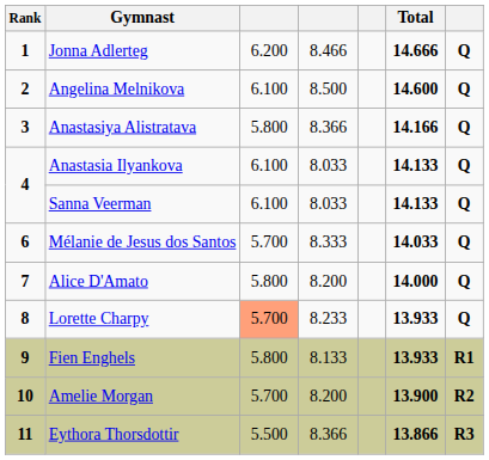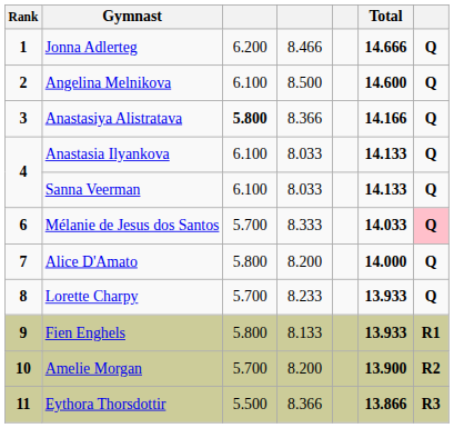 <table style="text-align:center;" class="wikitable sortable">
 <tr>
 <th scope="col" style="width:15px;"><small>Rank</small></th>
 <th scope="col" style="width:175;">Gymnast</th>
 <th scope="col" style="width:50px;"><small></small></th>
 <th scope="col" style="width:50px;"><small></small></th>
 <th scope="col" style="width:20px;"><small></small></th>
 <th scope="col" style="width:50px;">Total</th>
 <th scope="col" style="width:30px;"><small></small></th>
 </tr>
 <tr>
 <td scope="row" style="text-align:center"><strong>1</strong></td>
 <td style="height:30px; text-align:left;"> <a href='#'>Jonna Adlerteg</a></td>
 <td>6.200</td>
 <td>8.466</td>
 <td></td>
 <td><strong>14.666</strong></td>
 <td><strong>Q</strong></td>
 </tr>
 <tr>
 <td scope="row" style="text-align:center"><strong>2</strong></td>
 <td style="height:30px; text-align:left;"> <a href='#'>Angelina Melnikova</a></td>
 <td>6.100</td>
 <td>8.500</td>
 <td></td>
 <td><strong>14.600</strong></td>
 <td><strong>Q</strong></td>
 </tr>
 <tr>
 <td scope="row" style="text-align:center"><strong>3</strong></td>
 <td style="height:30px; text-align:left;"> <a href='#'>Anastasiya Alistratava</a></td>
-<td>5.800</td>
+<td><strong>5.800</strong></td>
 <td>8.366</td>
 <td></td>
 <td><strong>14.166</strong></td>
 <td><strong>Q</strong></td>
 </tr>
 <tr>
 <td rowspan=2 style="text-align:center"><strong>4</strong></td>
 <td style="height:30px; text-align:left;"> <a href='#'>Anastasia Ilyankova</a></td>
 <td>6.100</td>
 <td>8.033</td>
 <td></td>
 <td><strong>14.133</strong></td>
 <td><strong>Q</strong></td>
 </tr>
 <tr>
 <td style="height:30px; text-align:left;"> <a href='#'>Sanna Veerman</a></td>
 <td>6.100</td>
 <td>8.033</td>
 <td></td>
 <td><strong>14.133</strong></td>
 <td><strong>Q</strong></td>
 </tr>
 <tr>
 <td scope="row" style="text-align:center"><strong>6</strong></td>
 <td style="height:30px; text-align:left;"> <a href='#'>Mélanie de Jesus dos Santos</a></td>
 <td>5.700</td>
 <td>8.333</td>
 <td></td>
 <td><strong>14.033</strong></td>
-<td><strong>Q</strong></td>
+<td style="background: pink;"><strong>Q</strong></td>
 </tr>
 <tr>
 <td scope="row" style="text-align:center"><strong>7</strong></td>
 <td style="height:30px; text-align:left;"> <a href='#'>Alice D'Amato</a></td>
 <td>5.800</td>
 <td>8.200</td>
 <td></td>
 <td><strong>14.000</strong></td>
 <td><strong>Q</strong></td>
 </tr>
 <tr>
 <td scope="row" style="text-align:center"><strong>8</strong></td>
 <td style="height:30px; text-align:left;"> <a href='#'>Lorette Charpy</a></td>
-<td style="background: lightsalmon;">5.700</td>
+<td>5.700</td>
 <td>8.233</td>
 <td></td>
 <td><strong>13.933</strong></td>
 <td><strong>Q</strong></td>
 </tr>
 <tr style="background:#cccc99;">
 <td scope="row" style="text-align:center"><strong>9</strong></td>
 <td style="height:30px; text-align:left;"> <a href='#'>Fien Enghels</a></td>
 <td>5.800</td>
 <td>8.133</td>
 <td></td>
 <td><strong>13.933</strong></td>
 <td><strong>R1</strong></td>
 </tr>
 <tr style="background:#cccc99;">
 <td scope="row" style="text-align:center"><strong>10</strong></td>
 <td style="height:30px; text-align:left;"> <a href='#'>Amelie Morgan</a></td>
 <td>5.700</td>
 <td>8.200</td>
 <td></td>
 <td><strong>13.900</strong></td>
 <td><strong>R2</strong></td>
 </tr>
 <tr style="background:#cccc99;">
 <td scope="row" style="text-align:center"><strong>11</strong></td>
 <td style="height:30px; text-align:left;"> <a href='#'>Eythora Thorsdottir</a></td>
 <td>5.500</td>
 <td>8.366</td>
 <td></td>
 <td><strong>13.866</strong></td>
 <td><strong>R3</strong></td>
 </tr>
 </table>
